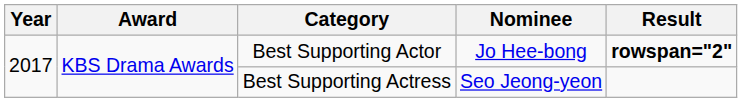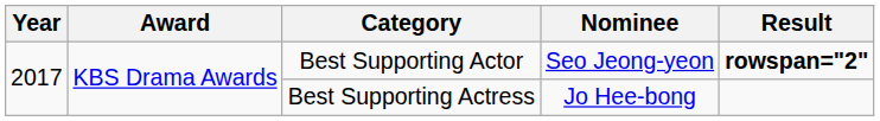 <table class="wikitable" style="text-align:center;">
 <tr>
 <th>Year</th>
 <th>Award</th>
 <th>Category</th>
 <th>Nominee</th>
 <th>Result</th>
 </tr>
 <tr>
 <td rowspan="2">2017</td>
 <td rowspan="2"><a href='#'>KBS Drama Awards</a></td>
 <td>Best Supporting Actor</td>
-<td><a href='#'>Jo Hee-bong</a></td>
+<td><a href='#'>Seo Jeong-yeon</a></td>
 <td><strong>rowspan="2" </strong></td>
 </tr>
 <tr>
 <td>Best Supporting Actress</td>
-<td><a href='#'>Seo Jeong-yeon</a></td>
+<td><a href='#'>Jo Hee-bong</a></td>
 </tr>
 </table>
